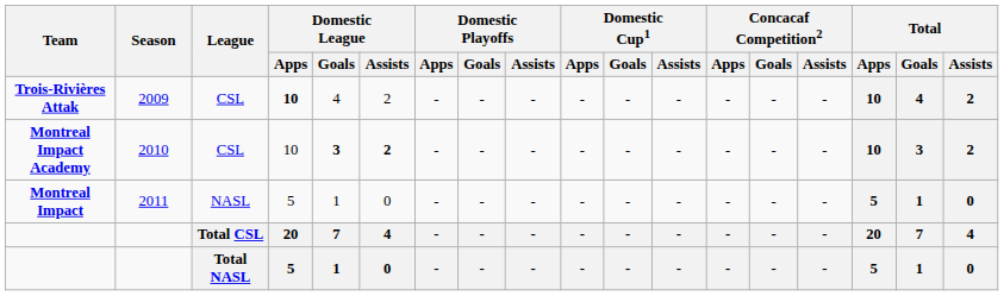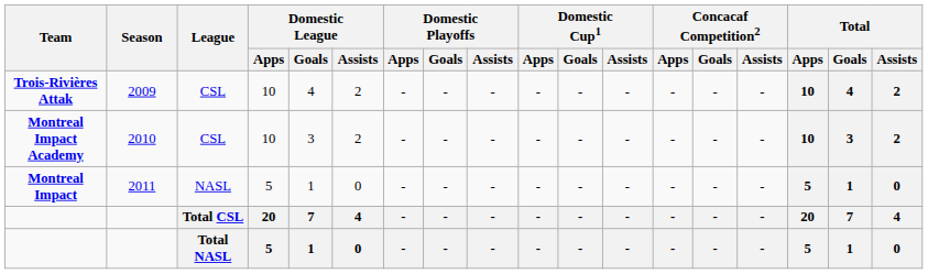 <table class="wikitable" style=font-size:90% text-align: center width=75%>
 <tr>
 <th rowspan=2 width=10%><strong>Team</strong></th>
 <th rowspan=2 width=7%><strong>Season</strong></th>
 <th rowspan=2 width=7%><strong>League</strong></th>
 <th colspan=3 width=10%>Domestic<br>League</th>
 <th colspan=3 width=10%>Domestic<br>Playoffs</th>
 <th colspan=3 width=10%>Domestic<br>Cup<sup>1</sup></th>
 <th colspan=3 width=10%>Concacaf<br>Competition<sup>2</sup></th>
 <th colspan=3 width=10%>Total</th>
 </tr>
 <tr>
 <th align=center><strong>Apps</strong></th>
 <th align=center><strong>Goals</strong></th>
 <th align=center><strong>Assists</strong></th>
 <th align=center><strong>Apps</strong></th>
 <th align=center><strong>Goals</strong></th>
 <th align=center><strong>Assists</strong></th>
 <th align=center><strong>Apps</strong></th>
 <th align=center><strong>Goals</strong></th>
 <th align=center><strong>Assists</strong></th>
 <th align=center><strong>Apps</strong></th>
 <th align=center><strong>Goals</strong></th>
 <th align=center><strong>Assists</strong></th>
 <th align=center><strong>Apps</strong></th>
 <th align=center><strong>Goals</strong></th>
 <th align=center><strong>Assists</strong></th>
 </tr>
 <tr>
 <td rowspan=1 align=center><strong><a href='#'>Trois-Rivières Attak</a></strong></td>
 <td align=center><a href='#'>2009</a></td>
 <td align=center><a href='#'>CSL</a></td>
-<td align=center><strong>10</strong></td>
+<td align=center>10</td>
 <td align=center>4</td>
 <td align=center>2</td>
 <td align=center>-</td>
 <td align=center>-</td>
 <td align=center>-</td>
 <td align=center>-</td>
 <td align=center>-</td>
 <td align=center>-</td>
 <td align=center>-</td>
 <td align=center>-</td>
 <td align=center>-</td>
 <th align=center><strong>10</strong></th>
 <th align=center><strong>4</strong></th>
 <th align=center><strong>2</strong></th>
 </tr>
 <tr>
 <td rowspan=1 align=center><strong><a href='#'>Montreal Impact Academy</a></strong></td>
 <td align=center><a href='#'>2010</a></td>
 <td align=center><a href='#'>CSL</a></td>
 <td align=center>10</td>
-<td align=center><strong>3</strong></td>
-<td align=center><strong>2</strong></td>
+<td align=center>3</td>
+<td align=center>2</td>
 <td align=center>-</td>
 <td align=center>-</td>
 <td align=center>-</td>
 <td align=center>-</td>
 <td align=center>-</td>
 <td align=center>-</td>
 <td align=center>-</td>
 <td align=center>-</td>
 <td align=center>-</td>
 <th align=center><strong>10</strong></th>
 <th align=center><strong>3</strong></th>
 <th align=center><strong>2</strong></th>
 </tr>
 <tr>
 <td rowspan=1 align=center><strong><a href='#'>Montreal Impact</a></strong></td>
 <td align=center><a href='#'>2011</a></td>
 <td align=center><a href='#'>NASL</a></td>
 <td align=center>5</td>
 <td align=center>1</td>
 <td align=center>0</td>
 <td align=center>-</td>
 <td align=center>-</td>
 <td align=center>-</td>
 <td align=center>-</td>
 <td align=center>-</td>
 <td align=center>-</td>
 <td align=center>-</td>
 <td align=center>-</td>
 <td align=center>-</td>
 <th align=center><strong>5</strong></th>
 <th align=center><strong>1</strong></th>
 <th align=center><strong>0</strong></th>
 </tr>
 <tr>
 <td></td>
 <td></td>
 <th>Total <a href='#'>CSL</a></th>
 <th>20</th>
 <th>7</th>
 <th>4</th>
 <th>-</th>
 <th>-</th>
 <th>-</th>
 <th>-</th>
 <th>-</th>
 <th>-</th>
 <th>-</th>
 <th>-</th>
 <th>-</th>
 <th>20</th>
 <th>7</th>
 <th>4</th>
 </tr>
 <tr>
 <td></td>
 <td></td>
 <th>Total <a href='#'>NASL</a></th>
 <th>5</th>
 <th>1</th>
 <th>0</th>
 <th>-</th>
 <th>-</th>
 <th>-</th>
 <th>-</th>
 <th>-</th>
 <th>-</th>
 <th>-</th>
 <th>-</th>
 <th>-</th>
 <th>5</th>
 <th>1</th>
 <th>0</th>
 </tr>
 </table>
